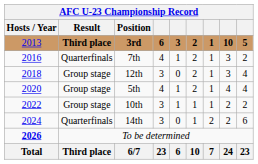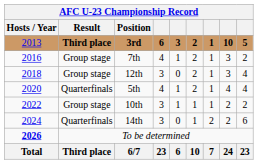 <table class="wikitable" style="text-align: center; font-size:100%">
 <tr>
 <th colspan=9><a href='#'>AFC U-23 Championship Record</a></th>
 </tr>
 <tr>
 <th>Hosts / Year</th>
 <th>Result</th>
 <th>Position</th>
 <th width=20></th>
 <th width=20></th>
 <th width=20></th>
 <th width=20></th>
 <th width=20></th>
 <th width=20></th>
 </tr>
 <tr style="background:#cc9966;">
 <td> <a href='#'>2013</a></td>
 <td><strong>Third place</strong></td>
 <td><strong>3rd</strong></td>
 <td><strong>6</strong></td>
 <td><strong>3</strong></td>
 <td><strong>2</strong></td>
 <td><strong>1</strong></td>
 <td><strong>10</strong></td>
 <td><strong>5</strong></td>
 </tr>
 <tr>
 <td> <a href='#'>2016</a></td>
-<td>Quarterfinals</td>
+<td>Group stage</td>
 <td>7th</td>
 <td>4</td>
 <td>1</td>
 <td>2</td>
 <td>1</td>
 <td>3</td>
 <td>2</td>
 </tr>
 <tr>
 <td> <a href='#'>2018</a></td>
 <td>Group stage</td>
 <td>12th</td>
 <td>3</td>
 <td>0</td>
 <td>2</td>
 <td>1</td>
 <td>3</td>
 <td>4</td>
 </tr>
 <tr>
 <td> <a href='#'>2020</a></td>
-<td>Group stage</td>
+<td>Quarterfinals</td>
 <td>5th</td>
 <td>4</td>
 <td>1</td>
 <td>2</td>
 <td>1</td>
 <td>4</td>
 <td>4</td>
 </tr>
 <tr>
 <td> <a href='#'>2022</a></td>
 <td>Group stage</td>
 <td>10th</td>
 <td>3</td>
 <td>1</td>
 <td>1</td>
 <td>1</td>
 <td>2</td>
 <td>2</td>
 </tr>
 <tr>
 <td> <a href='#'>2024</a></td>
 <td>Quarterfinals</td>
 <td>14th</td>
 <td>3</td>
 <td>0</td>
 <td>1</td>
 <td>2</td>
 <td>2</td>
 <td>6</td>
 </tr>
 <tr>
 <td><strong> <a href='#'>2026</a></strong></td>
 <td colspan=8><em>To be determined</em></td>
 </tr>
 <tr>
 <th>Total</th>
 <th>Third place</th>
 <th>6/7</th>
 <th>23</th>
 <th>6</th>
 <th>10</th>
 <th>7</th>
 <th>24</th>
 <th>23</th>
 </tr>
 </table>
